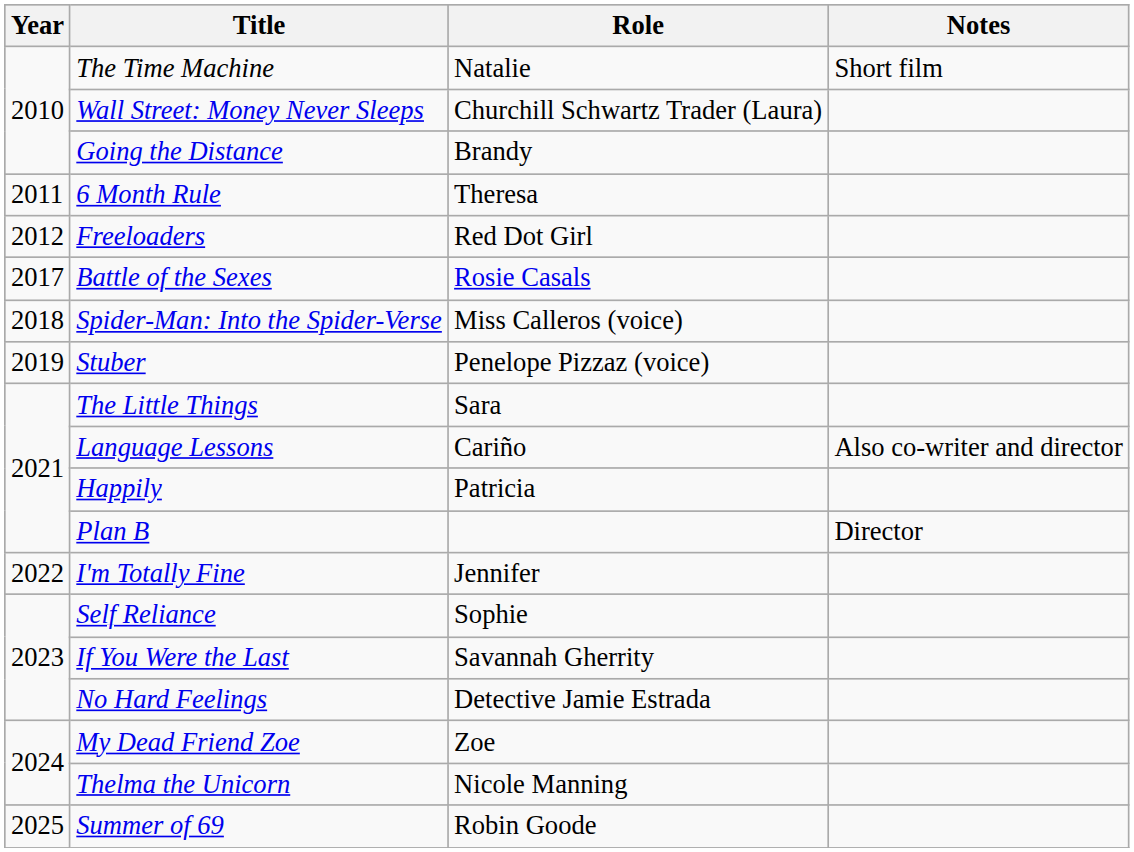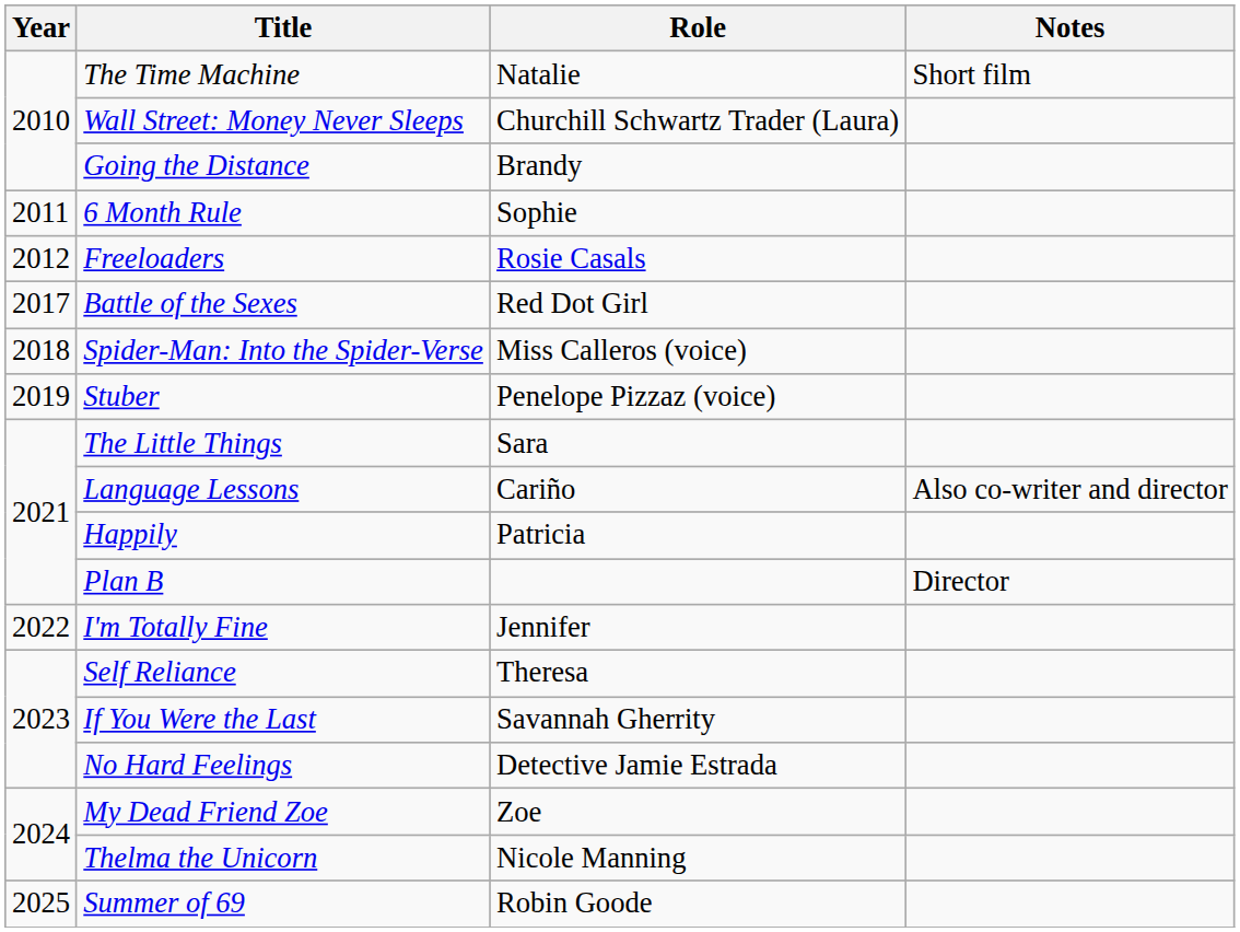 <table class="wikitable sortable">
 <tr>
 <th>Year</th>
 <th>Title</th>
 <th>Role</th>
 <th class="unsortable">Notes</th>
 </tr>
 <tr>
 <td rowspan="3">2010</td>
 <td><em>The Time Machine</em></td>
 <td>Natalie</td>
 <td>Short film</td>
 </tr>
 <tr>
 <td><em><a href='#'>Wall Street: Money Never Sleeps</a></em></td>
 <td>Churchill Schwartz Trader (Laura)</td>
 <td></td>
 </tr>
 <tr>
 <td><em><a href='#'>Going the Distance</a></em></td>
 <td>Brandy</td>
 <td></td>
 </tr>
 <tr>
 <td>2011</td>
 <td><em><a href='#'>6 Month Rule</a></em></td>
-<td>Theresa</td>
+<td>Sophie</td>
 <td></td>
 </tr>
 <tr>
 <td>2012</td>
 <td><em><a href='#'>Freeloaders</a></em></td>
-<td>Red Dot Girl</td>
+<td><a href='#'>Rosie Casals</a></td>
 <td></td>
 </tr>
 <tr>
 <td>2017</td>
 <td><em><a href='#'>Battle of the Sexes</a></em></td>
-<td><a href='#'>Rosie Casals</a></td>
+<td>Red Dot Girl</td>
 <td></td>
 </tr>
 <tr>
 <td>2018</td>
 <td><em><a href='#'>Spider-Man: Into the Spider-Verse</a></em></td>
 <td>Miss Calleros (voice)</td>
 <td></td>
 </tr>
 <tr>
 <td>2019</td>
 <td><em><a href='#'>Stuber</a></em></td>
 <td>Penelope Pizzaz (voice)</td>
 <td></td>
 </tr>
 <tr>
 <td rowspan="4">2021</td>
 <td><em><a href='#'>The Little Things</a></em></td>
 <td>Sara</td>
 <td></td>
 </tr>
 <tr>
 <td><em><a href='#'>Language Lessons</a></em></td>
 <td>Cariño</td>
 <td>Also co-writer and director</td>
 </tr>
 <tr>
 <td><em><a href='#'>Happily</a></em></td>
 <td>Patricia</td>
 <td></td>
 </tr>
 <tr>
 <td><em><a href='#'>Plan B</a></em></td>
 <td></td>
 <td>Director</td>
 </tr>
 <tr>
 <td>2022</td>
 <td><em><a href='#'>I'm Totally Fine</a></em></td>
 <td>Jennifer</td>
 <td></td>
 </tr>
 <tr>
 <td rowspan="3">2023</td>
 <td><em><a href='#'>Self Reliance</a></em></td>
-<td>Sophie</td>
+<td>Theresa</td>
 <td></td>
 </tr>
 <tr>
 <td><em><a href='#'>If You Were the Last</a></em></td>
 <td>Savannah Gherrity</td>
 <td></td>
 </tr>
 <tr>
 <td><em><a href='#'>No Hard Feelings</a></em></td>
 <td>Detective Jamie Estrada</td>
 <td></td>
 </tr>
 <tr>
 <td rowspan="2">2024</td>
 <td><em><a href='#'>My Dead Friend Zoe</a></em></td>
 <td>Zoe</td>
 <td></td>
 </tr>
 <tr>
 <td><em><a href='#'>Thelma the Unicorn</a></em></td>
 <td>Nicole Manning</td>
 <td></td>
 </tr>
 <tr>
 <td>2025</td>
 <td><em><a href='#'>Summer of 69</a></em></td>
 <td>Robin Goode</td>
 <td></td>
 </tr>
 <tr>
 </tr>
 </table>
